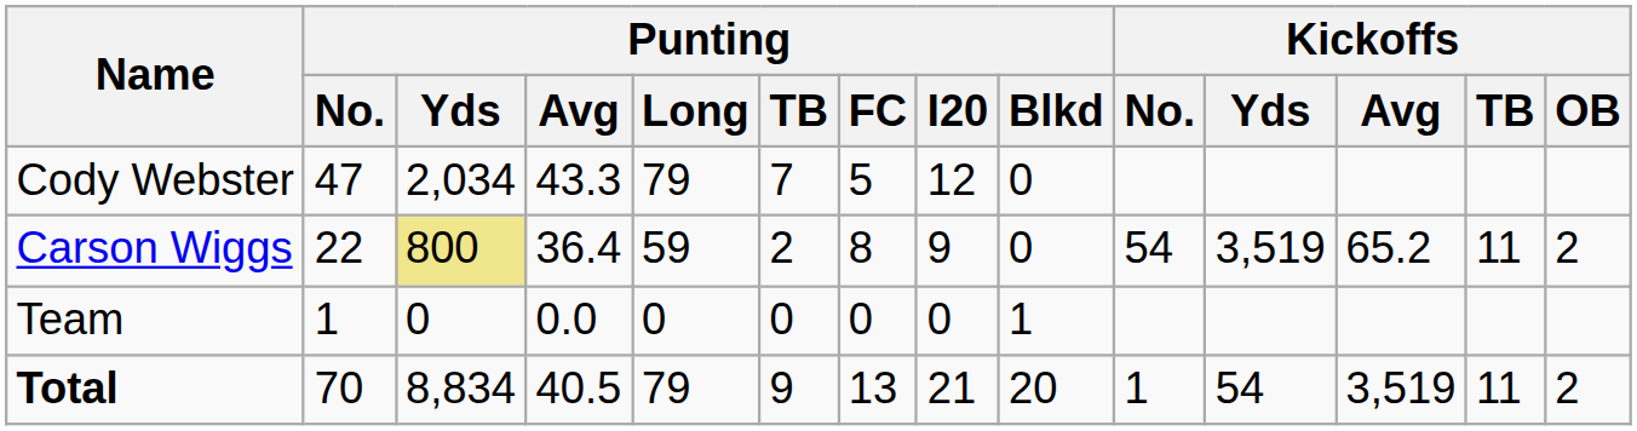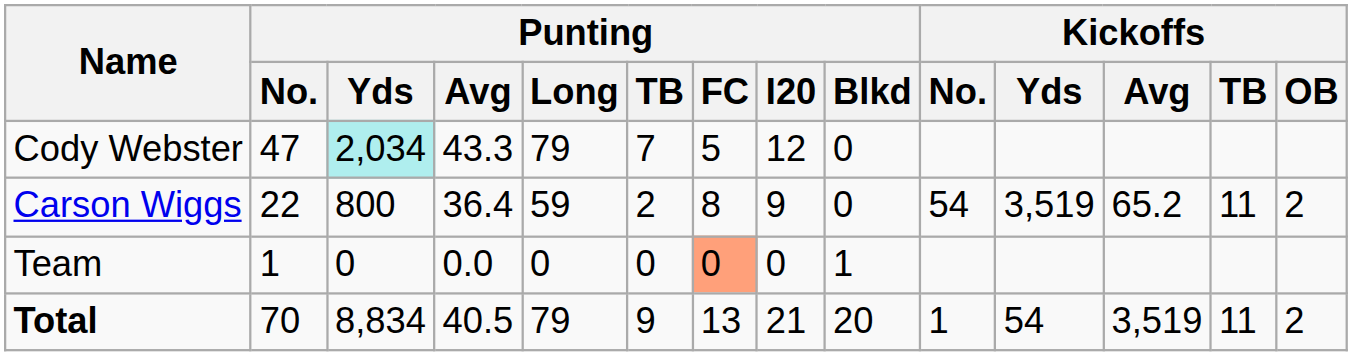 <table class="wikitable" style="white-space:nowrap;">
 <tr>
 <th rowspan="2">Name</th>
 <th colspan="8">Punting</th>
 <th colspan="5">Kickoffs</th>
 </tr>
 <tr>
 <th>No.</th>
 <th>Yds</th>
 <th>Avg</th>
 <th>Long</th>
 <th>TB</th>
 <th>FC</th>
 <th>I20</th>
 <th>Blkd</th>
 <th>No.</th>
 <th>Yds</th>
 <th>Avg</th>
 <th>TB</th>
 <th>OB</th>
 </tr>
 <tr>
 <td>Cody Webster</td>
 <td>47</td>
-<td>2,034</td>
+<td style="background: paleturquoise;">2,034</td>
 <td>43.3</td>
 <td>79</td>
 <td>7</td>
 <td>5</td>
 <td>12</td>
 <td>0</td>
 <td></td>
 <td></td>
 <td></td>
 <td></td>
 <td></td>
 </tr>
 <tr>
 <td><a href='#'>Carson Wiggs</a></td>
 <td>22</td>
-<td style="background: khaki;">800</td>
+<td>800</td>
 <td>36.4</td>
 <td>59</td>
 <td>2</td>
 <td>8</td>
 <td>9</td>
 <td>0</td>
 <td>54</td>
 <td>3,519</td>
 <td>65.2</td>
 <td>11</td>
 <td>2</td>
 </tr>
 <tr>
 <td>Team</td>
 <td>1</td>
 <td>0</td>
 <td>0.0</td>
 <td>0</td>
 <td>0</td>
-<td>0</td>
+<td style="background: lightsalmon;">0</td>
 <td>0</td>
 <td>1</td>
 <td></td>
 <td></td>
 <td></td>
 <td></td>
 <td></td>
 </tr>
 <tr>
 <td><strong>Total</strong></td>
 <td>70</td>
 <td>8,834</td>
 <td>40.5</td>
 <td>79</td>
 <td>9</td>
 <td>13</td>
 <td>21</td>
 <td>20</td>
 <td>1</td>
 <td>54</td>
 <td>3,519</td>
 <td>11</td>
 <td>2</td>
 </tr>
 </table>
